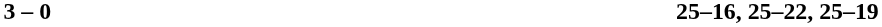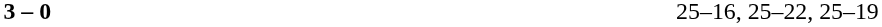 <table width=100% cellspacing=1>
 <tr>
 <th width=20%></th>
 <th width=12%></th>
 <th width=20%></th>
 <th width=33%></th>
 <td></td>
 </tr>
 <tr style=font-size:95%>
 <td align=right><strong></strong></td>
 <td align=center><strong>3 – 0</strong></td>
 <td></td>
-<td><strong>25–16, 25–22, 25–19</strong></td>
+<td>25–16, 25–22, 25–19</td>
 </tr>
 </table>
